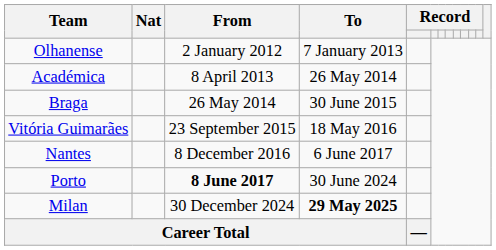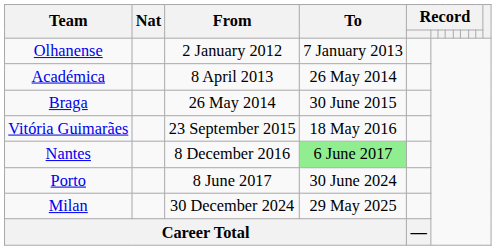 <table class="wikitable" style="text-align: center">
 <tr>
 <th rowspan="2">Team</th>
 <th rowspan="2">Nat</th>
 <th rowspan="2">From</th>
 <th rowspan="2">To</th>
 <th colspan="8">Record</th>
 <th rowspan=2></th>
 </tr>
 <tr>
 <th></th>
 <th></th>
 <th></th>
 <th></th>
 <th></th>
 <th></th>
 <th></th>
 <th></th>
 </tr>
 <tr>
 <td><a href='#'>Olhanense</a></td>
 <td></td>
 <td>2 January 2012</td>
 <td>7 January 2013<br></td>
 <td></td>
 </tr>
 <tr>
 <td><a href='#'>Académica</a></td>
 <td></td>
 <td>8 April 2013</td>
 <td>26 May 2014<br></td>
 <td></td>
 </tr>
 <tr>
 <td><a href='#'>Braga</a></td>
 <td></td>
 <td>26 May 2014</td>
 <td>30 June 2015<br></td>
 <td></td>
 </tr>
 <tr>
 <td><a href='#'>Vitória Guimarães</a></td>
 <td></td>
 <td>23 September 2015</td>
 <td>18 May 2016<br></td>
 <td></td>
 </tr>
 <tr>
 <td><a href='#'>Nantes</a></td>
 <td></td>
 <td>8 December 2016</td>
-<td>6 June 2017<br></td>
+<td style="background: lightgreen;">6 June 2017<br></td>
 <td></td>
 </tr>
 <tr>
 <td><a href='#'>Porto</a></td>
 <td></td>
-<td><strong>8 June 2017</strong></td>
+<td>8 June 2017</td>
 <td>30 June 2024<br></td>
 <td></td>
 </tr>
 <tr>
 <td><a href='#'>Milan</a></td>
 <td></td>
 <td>30 December 2024</td>
-<td><strong>29 May 2025<br></strong></td>
+<td>29 May 2025<br></td>
 <td></td>
 </tr>
 <tr>
 <th colspan=4><strong>Career Total</strong><br></th>
 <th>—</th>
 </tr>
 </table>
